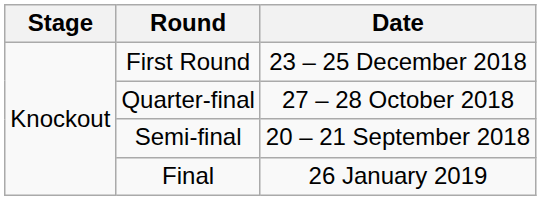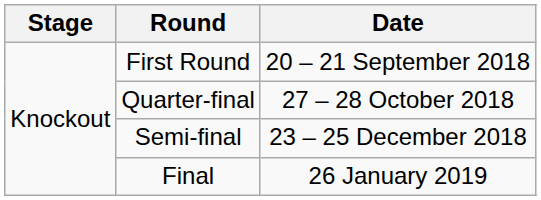 <table class="wikitable" border="1">
 <tr>
 <th>Stage</th>
 <th>Round</th>
 <th>Date</th>
 </tr>
 <tr align="center">
 <td rowspan=4>Knockout</td>
 <td>First Round</td>
-<td>23 – 25 December 2018</td>
+<td>20 – 21 September 2018</td>
 </tr>
 <tr align="center">
 <td>Quarter-final</td>
 <td>27 – 28 October 2018</td>
 </tr>
 <tr align="center">
 <td>Semi-final</td>
-<td>20 – 21 September 2018</td>
+<td>23 – 25 December 2018</td>
 </tr>
 <tr align="center">
 <td>Final</td>
 <td colspan="2">26 January 2019</td>
 </tr>
 </table>
